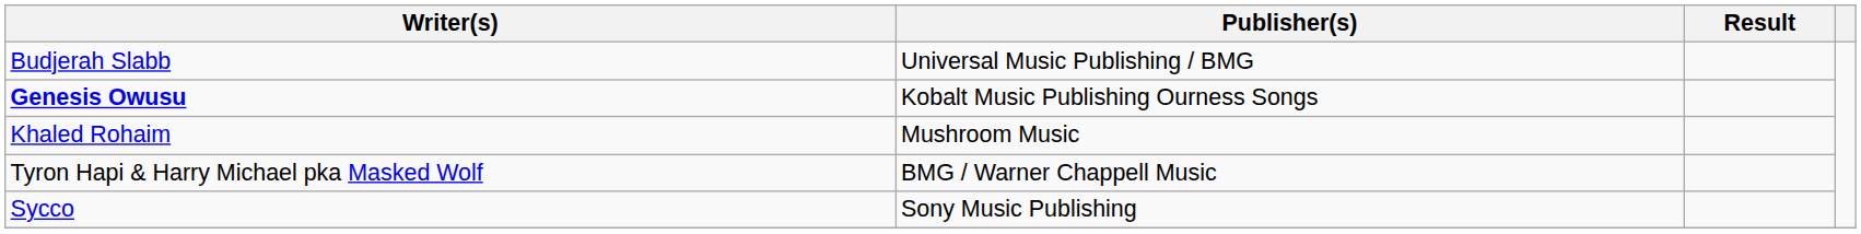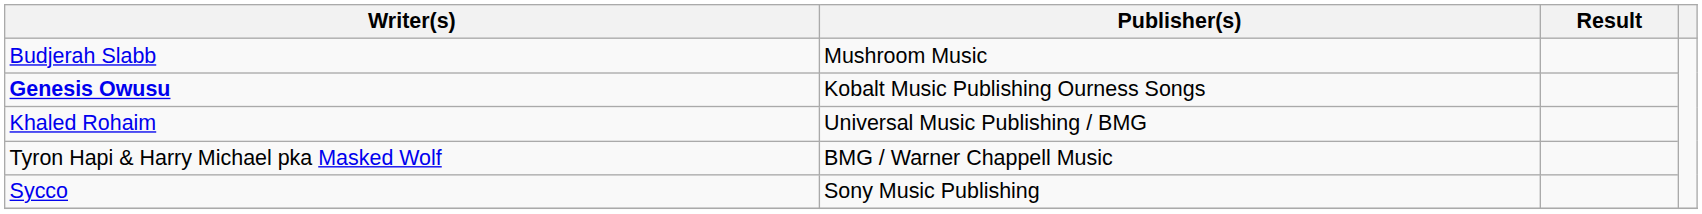 <table class="wikitable" width=100%>
 <tr>
 <th scope="col">Writer(s)</th>
 <th scope="col">Publisher(s)</th>
 <th scope="col">Result</th>
 <th scope="col"></th>
 </tr>
 <tr>
 <td><a href='#'>Budjerah Slabb</a></td>
-<td>Universal Music Publishing / BMG</td>
+<td>Mushroom Music</td>
 <td></td>
 <td rowspan="5"></td>
 </tr>
 <tr>
 <td><strong><a href='#'>Genesis Owusu</a></strong></td>
 <td>Kobalt Music Publishing  Ourness Songs</td>
 <td></td>
 </tr>
 <tr>
 <td><a href='#'>Khaled Rohaim</a></td>
-<td>Mushroom Music</td>
+<td>Universal Music Publishing / BMG</td>
 <td></td>
 </tr>
 <tr>
 <td>Tyron Hapi & Harry Michael pka <a href='#'>Masked Wolf</a></td>
 <td>BMG / Warner Chappell Music</td>
 <td></td>
 </tr>
 <tr>
 <td><a href='#'>Sycco</a></td>
 <td>Sony Music Publishing</td>
 <td></td>
 </tr>
 <tr>
 </tr>
 </table>
